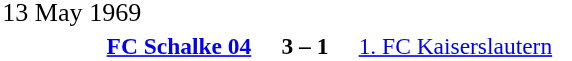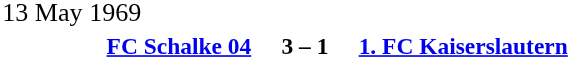 <table width=100% cellspacing=1>
 <tr>
 <th width=25%></th>
 <th width=10%></th>
 <th width=25%></th>
 <th></th>
 </tr>
 <tr>
 <td>13 May 1969</td>
 </tr>
 <tr style=font-size:90%>
 <td align=right><strong><a href='#'>FC Schalke 04</a></strong></td>
 <td align=center><strong>3 – 1</strong></td>
-<td><a href='#'>1. FC Kaiserslautern</a></td>
+<td><strong><a href='#'>1. FC Kaiserslautern</a></strong></td>
 </tr>
 </table>
